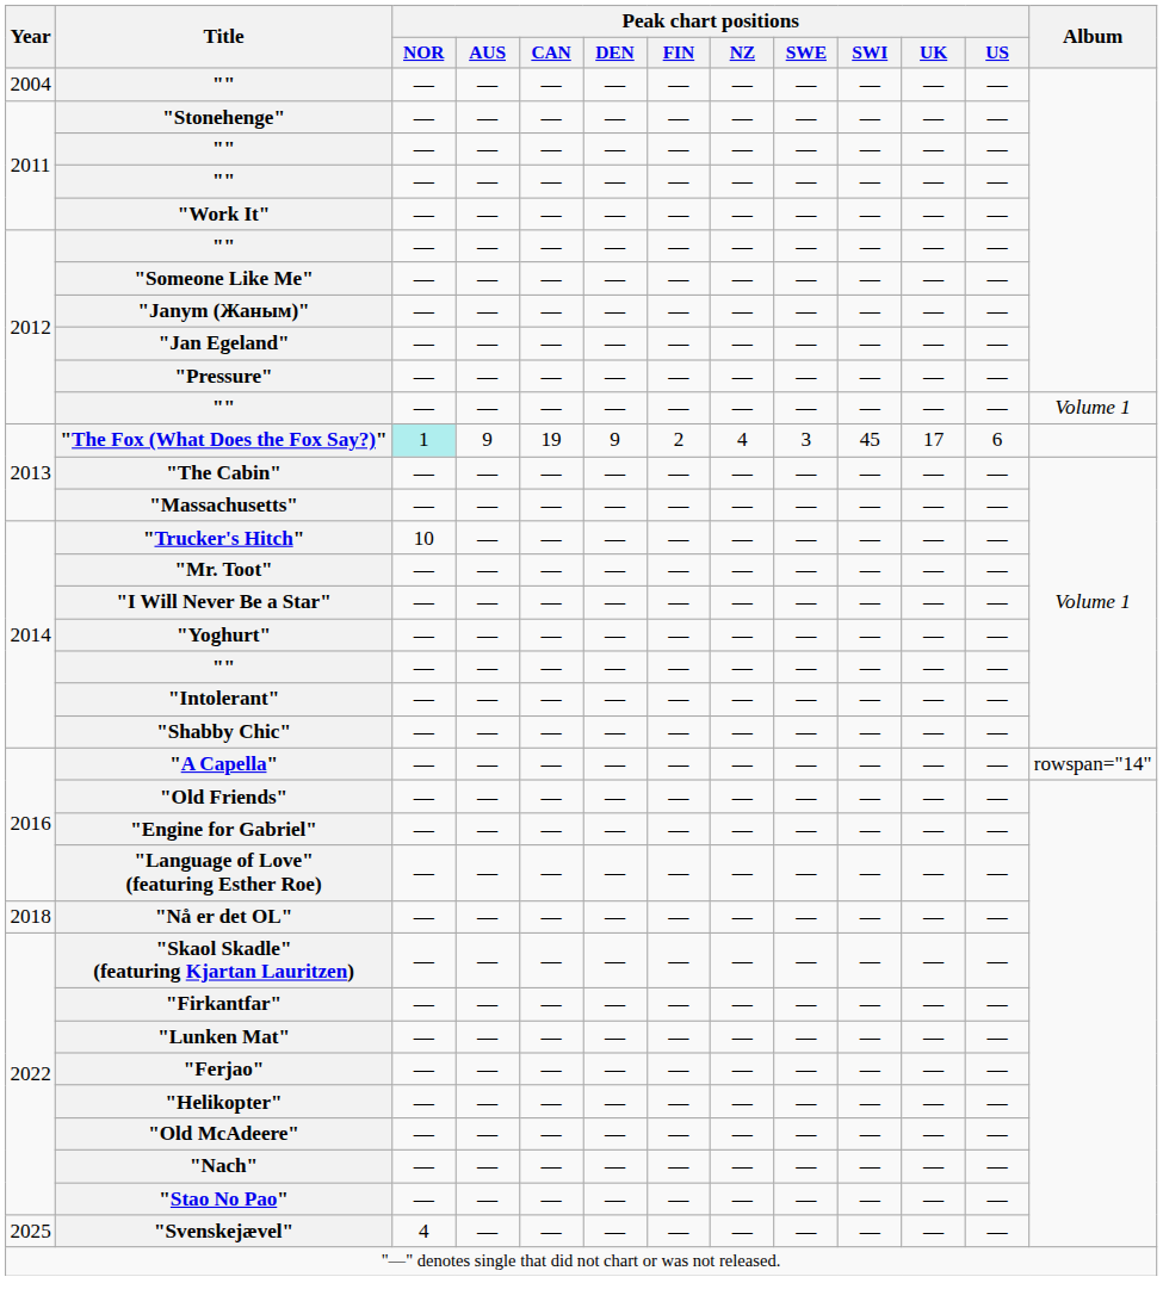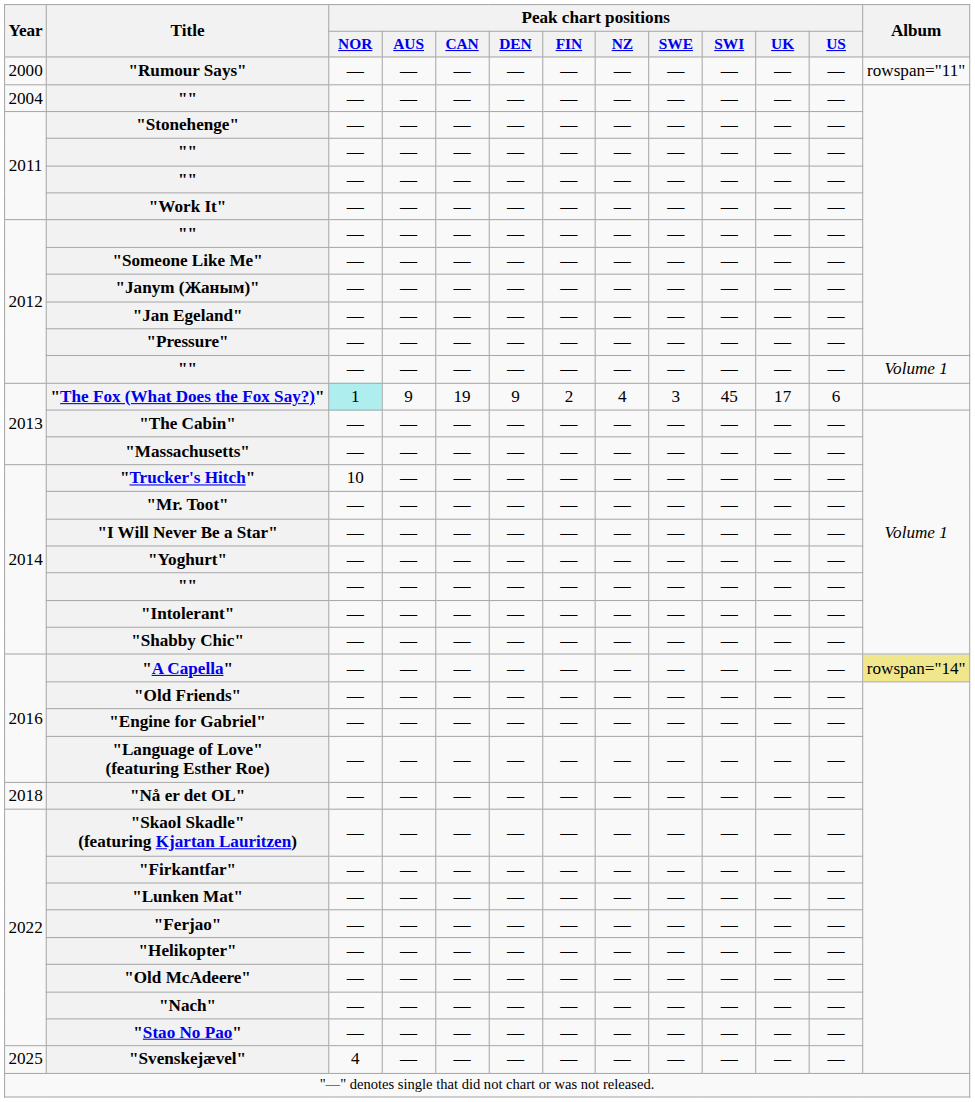 <table class="wikitable plainrowheaders" style="text-align:center;">
 <tr>
 <th scope="col" rowspan="2">Year</th>
 <th scope="col" rowspan="2">Title</th>
 <th scope="col" colspan="10">Peak chart positions</th>
 <th scope="col" rowspan="2">Album</th>
 </tr>
 <tr>
 <th scope="col" style="width:3em;font-size:90%;"><a href='#'>NOR</a><br></th>
 <th scope="col" style="width:3em;font-size:90%;"><a href='#'>AUS</a><br></th>
 <th scope="col" style="width:3em;font-size:90%;"><a href='#'>CAN</a><br></th>
 <th scope="col" style="width:3em;font-size:90%;"><a href='#'>DEN</a><br></th>
 <th scope="col" style="width:3em;font-size:90%;"><a href='#'>FIN</a><br></th>
 <th scope="col" style="width:3em;font-size:90%;"><a href='#'>NZ</a><br></th>
 <th scope="col" style="width:3em;font-size:90%;"><a href='#'>SWE</a><br></th>
 <th scope="col" style="width:3em;font-size:90%;"><a href='#'>SWI</a><br></th>
 <th scope="col" style="width:3em;font-size:90%;"><a href='#'>UK</a><br></th>
 <th scope="col" style="width:3em;font-size:90%;"><a href='#'>US</a><br></th>
+</tr>
+<tr>
+<td>2000</td>
+<th scope="row">"Rumour Says"</th>
+<td>—</td>
+<td>—</td>
+<td>—</td>
+<td>—</td>
+<td>—</td>
+<td>—</td>
+<td>—</td>
+<td>—</td>
+<td>—</td>
+<td>—</td>
+<td>rowspan="11" </td>
 </tr>
 <tr>
 <td>2004</td>
 <th scope="row">""</th>
 <td>—</td>
 <td>—</td>
 <td>—</td>
 <td>—</td>
 <td>—</td>
 <td>—</td>
 <td>—</td>
 <td>—</td>
 <td>—</td>
 <td>—</td>
 </tr>
 <tr>
 <td rowspan="4">2011</td>
 <th scope="row">"Stonehenge"</th>
 <td>—</td>
 <td>—</td>
 <td>—</td>
 <td>—</td>
 <td>—</td>
 <td>—</td>
 <td>—</td>
 <td>—</td>
 <td>—</td>
 <td>—</td>
 </tr>
 <tr>
 <th scope="row">""</th>
 <td>—</td>
 <td>—</td>
 <td>—</td>
 <td>—</td>
 <td>—</td>
 <td>—</td>
 <td>—</td>
 <td>—</td>
 <td>—</td>
 <td>—</td>
 </tr>
 <tr>
 <th scope="row">""</th>
 <td>—</td>
 <td>—</td>
 <td>—</td>
 <td>—</td>
 <td>—</td>
 <td>—</td>
 <td>—</td>
 <td>—</td>
 <td>—</td>
 <td>—</td>
 </tr>
 <tr>
 <th scope="row">"Work It"</th>
 <td>—</td>
 <td>—</td>
 <td>—</td>
 <td>—</td>
 <td>—</td>
 <td>—</td>
 <td>—</td>
 <td>—</td>
 <td>—</td>
 <td>—</td>
 </tr>
 <tr>
 <td rowspan="6">2012</td>
 <th scope="row">""</th>
 <td>—</td>
 <td>—</td>
 <td>—</td>
 <td>—</td>
 <td>—</td>
 <td>—</td>
 <td>—</td>
 <td>—</td>
 <td>—</td>
 <td>—</td>
 </tr>
 <tr>
 <th scope="row">"Someone Like Me"</th>
 <td>—</td>
 <td>—</td>
 <td>—</td>
 <td>—</td>
 <td>—</td>
 <td>—</td>
 <td>—</td>
 <td>—</td>
 <td>—</td>
 <td>—</td>
 </tr>
 <tr>
 <th scope="row">"Janym (Жаным)"</th>
 <td>—</td>
 <td>—</td>
 <td>—</td>
 <td>—</td>
 <td>—</td>
 <td>—</td>
 <td>—</td>
 <td>—</td>
 <td>—</td>
 <td>—</td>
 </tr>
 <tr>
 <th scope="row">"Jan Egeland"</th>
 <td>—</td>
 <td>—</td>
 <td>—</td>
 <td>—</td>
 <td>—</td>
 <td>—</td>
 <td>—</td>
 <td>—</td>
 <td>—</td>
 <td>—</td>
 </tr>
 <tr>
 <th scope="row">"Pressure"</th>
 <td>—</td>
 <td>—</td>
 <td>—</td>
 <td>—</td>
 <td>—</td>
 <td>—</td>
 <td>—</td>
 <td>—</td>
 <td>—</td>
 <td>—</td>
 </tr>
 <tr>
 <th scope="row">""</th>
 <td>—</td>
 <td>—</td>
 <td>—</td>
 <td>—</td>
 <td>—</td>
 <td>—</td>
 <td>—</td>
 <td>—</td>
 <td>—</td>
 <td>—</td>
 <td><em>Volume 1</em></td>
 </tr>
 <tr>
 <td rowspan="3">2013</td>
 <th scope="row">"<a href='#'>The Fox (What Does the Fox Say?)</a>"</th>
 <td style="background: paleturquoise;">1</td>
 <td>9</td>
 <td>19</td>
 <td>9</td>
 <td>2</td>
 <td>4</td>
 <td>3</td>
 <td>45</td>
 <td>17</td>
 <td>6</td>
 <td></td>
 </tr>
 <tr>
 <th scope="row">"The Cabin"</th>
 <td>—</td>
 <td>—</td>
 <td>—</td>
 <td>—</td>
 <td>—</td>
 <td>—</td>
 <td>—</td>
 <td>—</td>
 <td>—</td>
 <td>—</td>
 <td rowspan="9"><em>Volume 1</em></td>
 </tr>
 <tr>
 <th scope="row">"Massachusetts"</th>
 <td>—</td>
 <td>—</td>
 <td>—</td>
 <td>—</td>
 <td>—</td>
 <td>—</td>
 <td>—</td>
 <td>—</td>
 <td>—</td>
 <td>—</td>
 </tr>
 <tr>
 <td rowspan="7">2014</td>
 <th scope="row">"<a href='#'>Trucker's Hitch</a>"</th>
 <td>10</td>
 <td>—</td>
 <td>—</td>
 <td>—</td>
 <td>—</td>
 <td>—</td>
 <td>—</td>
 <td>—</td>
 <td>—</td>
 <td>—</td>
 </tr>
 <tr>
 <th scope="row">"Mr. Toot"</th>
 <td>—</td>
 <td>—</td>
 <td>—</td>
 <td>—</td>
 <td>—</td>
 <td>—</td>
 <td>—</td>
 <td>—</td>
 <td>—</td>
 <td>—</td>
 </tr>
 <tr>
 <th scope="row">"I Will Never Be a Star"</th>
 <td>—</td>
 <td>—</td>
 <td>—</td>
 <td>—</td>
 <td>—</td>
 <td>—</td>
 <td>—</td>
 <td>—</td>
 <td>—</td>
 <td>—</td>
 </tr>
 <tr>
 <th scope="row">"Yoghurt"</th>
 <td>—</td>
 <td>—</td>
 <td>—</td>
 <td>—</td>
 <td>—</td>
 <td>—</td>
 <td>—</td>
 <td>—</td>
 <td>—</td>
 <td>—</td>
 </tr>
 <tr>
 <th scope="row">""</th>
 <td>—</td>
 <td>—</td>
 <td>—</td>
 <td>—</td>
 <td>—</td>
 <td>—</td>
 <td>—</td>
 <td>—</td>
 <td>—</td>
 <td>—</td>
 </tr>
 <tr>
 <th scope="row">"Intolerant"</th>
 <td>—</td>
 <td>—</td>
 <td>—</td>
 <td>—</td>
 <td>—</td>
 <td>—</td>
 <td>—</td>
 <td>—</td>
 <td>—</td>
 <td>—</td>
 </tr>
 <tr>
 <th scope="row">"Shabby Chic"</th>
 <td>—</td>
 <td>—</td>
 <td>—</td>
 <td>—</td>
 <td>—</td>
 <td>—</td>
 <td>—</td>
 <td>—</td>
 <td>—</td>
 <td>—</td>
 </tr>
 <tr>
 <td rowspan="4">2016</td>
 <th scope="row">"<a href='#'>A Capella</a>"</th>
 <td>—</td>
 <td>—</td>
 <td>—</td>
 <td>—</td>
 <td>—</td>
 <td>—</td>
 <td>—</td>
 <td>—</td>
 <td>—</td>
 <td>—</td>
-<td>rowspan="14" </td>
+<td style="background: khaki;">rowspan="14" </td>
 </tr>
 <tr>
 <th scope="row">"Old Friends"</th>
 <td>—</td>
 <td>—</td>
 <td>—</td>
 <td>—</td>
 <td>—</td>
 <td>—</td>
 <td>—</td>
 <td>—</td>
 <td>—</td>
 <td>—</td>
 </tr>
 <tr>
 <th scope="row">"Engine for Gabriel"</th>
 <td>—</td>
 <td>—</td>
 <td>—</td>
 <td>—</td>
 <td>—</td>
 <td>—</td>
 <td>—</td>
 <td>—</td>
 <td>—</td>
 <td>—</td>
 </tr>
 <tr>
 <th scope="row">"Language of Love"<br><span>(featuring Esther Roe)</span></th>
 <td>—</td>
 <td>—</td>
 <td>—</td>
 <td>—</td>
 <td>—</td>
 <td>—</td>
 <td>—</td>
 <td>—</td>
 <td>—</td>
 <td>—</td>
 </tr>
 <tr>
 <td>2018</td>
 <th scope="row">"Nå er det OL"</th>
 <td>—</td>
 <td>—</td>
 <td>—</td>
 <td>—</td>
 <td>—</td>
 <td>—</td>
 <td>—</td>
 <td>—</td>
 <td>—</td>
 <td>—</td>
 </tr>
 <tr>
 <td rowspan="8">2022</td>
 <th scope="row">"Skaol Skadle"<br><span>(featuring <a href='#'>Kjartan Lauritzen</a>)</span></th>
 <td>—</td>
 <td>—</td>
 <td>—</td>
 <td>—</td>
 <td>—</td>
 <td>—</td>
 <td>—</td>
 <td>—</td>
 <td>—</td>
 <td>—</td>
 </tr>
 <tr>
 <th scope="row">"Firkantfar"</th>
 <td>—</td>
 <td>—</td>
 <td>—</td>
 <td>—</td>
 <td>—</td>
 <td>—</td>
 <td>—</td>
 <td>—</td>
 <td>—</td>
 <td>—</td>
 </tr>
 <tr>
 <th scope="row">"Lunken Mat"</th>
 <td>—</td>
 <td>—</td>
 <td>—</td>
 <td>—</td>
 <td>—</td>
 <td>—</td>
 <td>—</td>
 <td>—</td>
 <td>—</td>
 <td>—</td>
 </tr>
 <tr>
 <th scope="row">"Ferjao"</th>
 <td>—</td>
 <td>—</td>
 <td>—</td>
 <td>—</td>
 <td>—</td>
 <td>—</td>
 <td>—</td>
 <td>—</td>
 <td>—</td>
 <td>—</td>
 </tr>
 <tr>
 <th scope="row">"Helikopter"</th>
 <td>—</td>
 <td>—</td>
 <td>—</td>
 <td>—</td>
 <td>—</td>
 <td>—</td>
 <td>—</td>
 <td>—</td>
 <td>—</td>
 <td>—</td>
 </tr>
 <tr>
 <th scope="row">"Old McAdeere"</th>
 <td>—</td>
 <td>—</td>
 <td>—</td>
 <td>—</td>
 <td>—</td>
 <td>—</td>
 <td>—</td>
 <td>—</td>
 <td>—</td>
 <td>—</td>
 </tr>
 <tr>
 <th scope="row">"Nach"</th>
 <td>—</td>
 <td>—</td>
 <td>—</td>
 <td>—</td>
 <td>—</td>
 <td>—</td>
 <td>—</td>
 <td>—</td>
 <td>—</td>
 <td>—</td>
 </tr>
 <tr>
 <th scope="row">"<a href='#'>Stao No Pao</a>"</th>
 <td>—</td>
 <td>—</td>
 <td>—</td>
 <td>—</td>
 <td>—</td>
 <td>—</td>
 <td>—</td>
 <td>—</td>
 <td>—</td>
 <td>—</td>
 </tr>
 <tr>
 <td>2025</td>
 <th scope="row">"Svenskejævel"<br></th>
 <td>4<br></td>
 <td>—</td>
 <td>—</td>
 <td>—</td>
 <td>—</td>
 <td>—</td>
 <td>—</td>
 <td>—</td>
 <td>—</td>
 <td>—</td>
 </tr>
 <tr>
 <td colspan="13" style="font-size:85%">"—" denotes single that did not chart or was not released.</td>
 </tr>
 </table>
